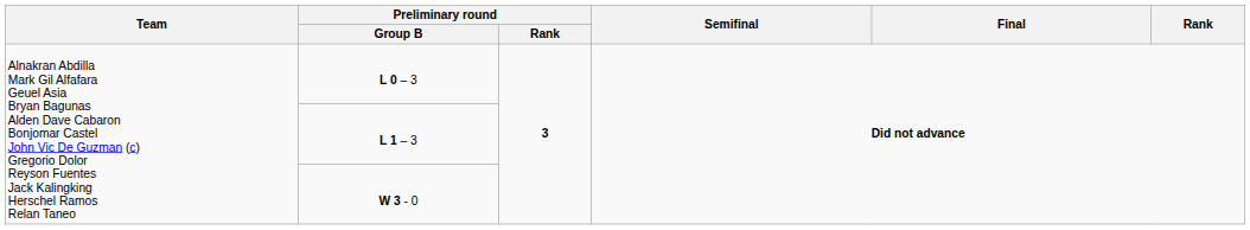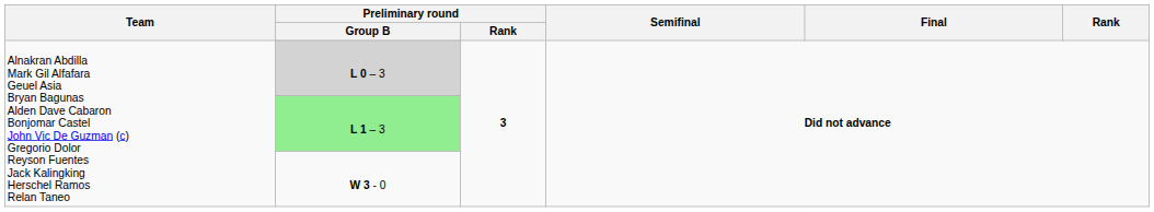 <table class="wikitable" width="93%" style="text-align:left; font-size:90%">
 <tr>
 <th rowspan="2" width="22%">Team</th>
 <th colspan="2">Preliminary round</th>
 <th rowspan="2" width="21%">Semifinal</th>
 <th rowspan="2" width="21%">Final</th>
 <th rowspan="2" width="7%">Rank</th>
 </tr>
 <tr>
 <th width="15%">Group B</th>
 <th width="7%">Rank</th>
 </tr>
 <tr>
 <td rowspan=3 align=left><br>Alnakran Abdilla<br>Mark Gil Alfafara<br>Geuel Asia<br>Bryan Bagunas<br>Alden Dave Cabaron<br>Bonjomar Castel<br><a href='#'>John Vic De Guzman</a> (<a href='#'>c</a>)<br>Gregorio Dolor<br>Reyson Fuentes<br>Jack Kalingking<br>Herschel Ramos<br>Relan Taneo</td>
-<td style="text-align:center;"><br> <strong>L 0</strong> – 3</td>
+<td style="background: lightgrey; text-align:center;"><br> <strong>L 0</strong> – 3</td>
 <td rowspan=3 align=center><strong>3</strong></td>
 <td rowspan=3 align=center colspan=3><strong>Did not advance</strong></td>
 </tr>
 <tr>
-<td style="text-align:center;"><br> <strong>L 1</strong> – 3</td>
+<td style="background: lightgreen; text-align:center;"><br> <strong>L 1</strong> – 3</td>
 </tr>
 <tr>
 <td style="text-align:center;"><br><strong>W 3</strong> - 0</td>
 </tr>
 </table>
